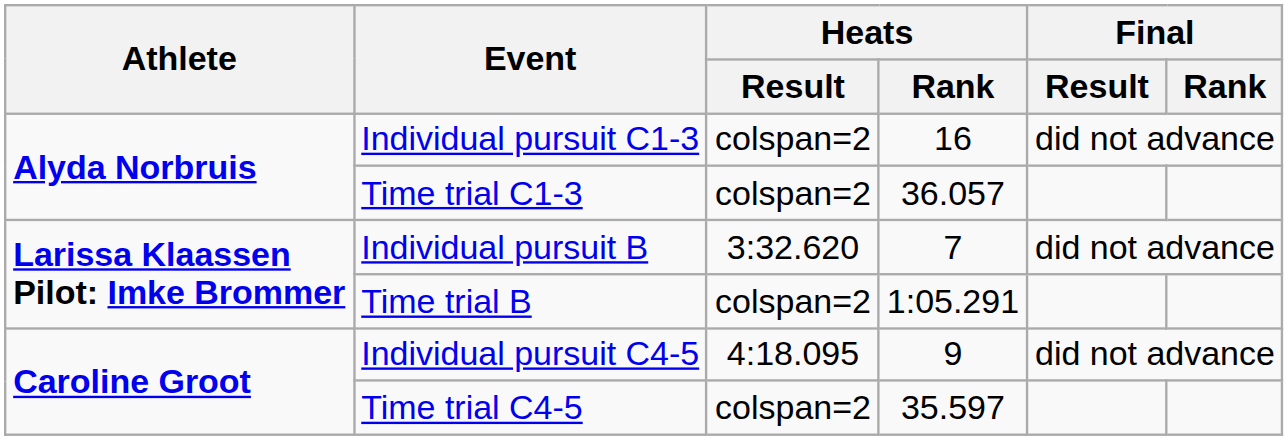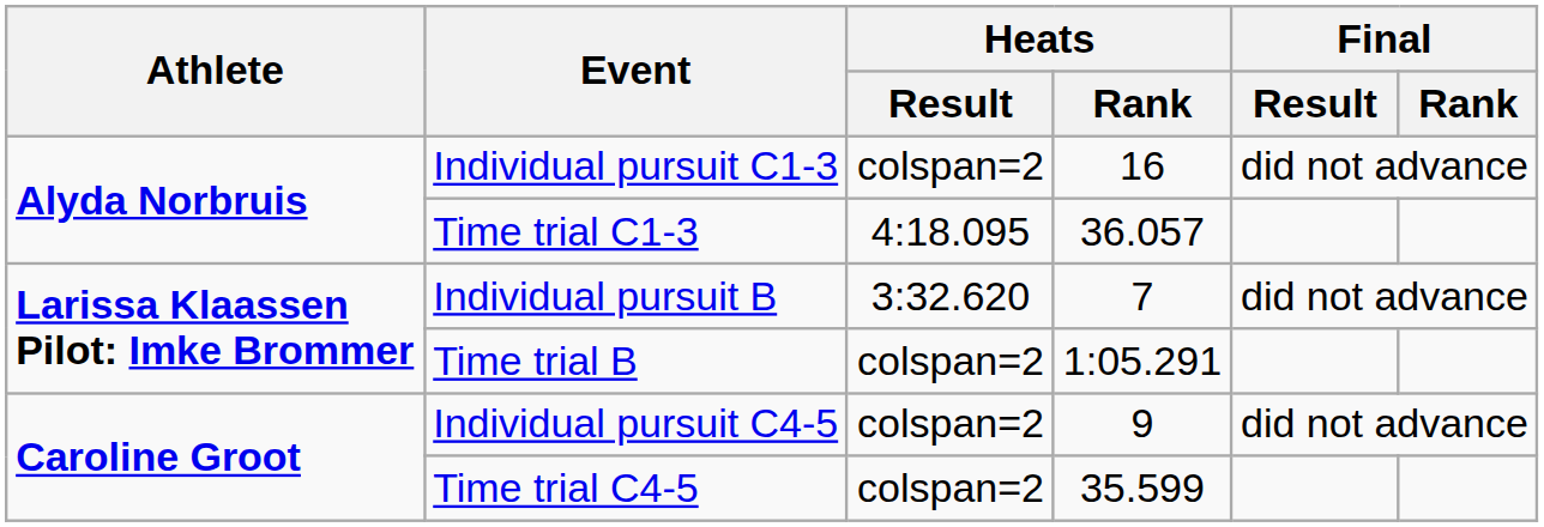 <table class=wikitable style="font-size:90%">
 <tr>
 <th rowspan="2">Athlete</th>
 <th rowspan="2">Event</th>
 <th colspan="2">Heats</th>
 <th colspan="2">Final</th>
 </tr>
 <tr>
 <th>Result</th>
 <th>Rank</th>
 <th>Result</th>
 <th>Rank</th>
 </tr>
 <tr align=center>
 <td align=left rowspan=2><strong><a href='#'>Alyda Norbruis</a></strong></td>
 <td align=left><a href='#'>Individual pursuit C1-3</a></td>
 <td>colspan=2 </td>
 <td>16</td>
 <td colspan=2>did not advance</td>
 </tr>
 <tr align=center>
 <td align=left><a href='#'>Time trial C1-3</a></td>
-<td>colspan=2 </td>
+<td>4:18.095</td>
 <td>36.057</td>
 <td></td>
 </tr>
 <tr align=center>
 <td align=left rowspan=2><strong><a href='#'>Larissa Klaassen</a><br>Pilot: <a href='#'>Imke Brommer</a></strong></td>
 <td align=left><a href='#'>Individual pursuit B</a></td>
 <td>3:32.620</td>
 <td>7</td>
 <td colspan=2>did not advance</td>
 </tr>
 <tr align=center>
 <td align=left><a href='#'>Time trial B</a></td>
 <td>colspan=2 </td>
 <td>1:05.291</td>
 <td></td>
 </tr>
 <tr align=center>
 <td align=left rowspan=2><strong><a href='#'>Caroline Groot</a></strong></td>
 <td align=left><a href='#'>Individual pursuit C4-5</a></td>
-<td>4:18.095</td>
+<td>colspan=2 </td>
 <td>9</td>
 <td colspan=2>did not advance</td>
 </tr>
 <tr align=center>
 <td align=left><a href='#'>Time trial C4-5</a></td>
 <td>colspan=2 </td>
-<td>35.597</td>
+<td>35.599</td>
 <td></td>
 </tr>
 </table>
